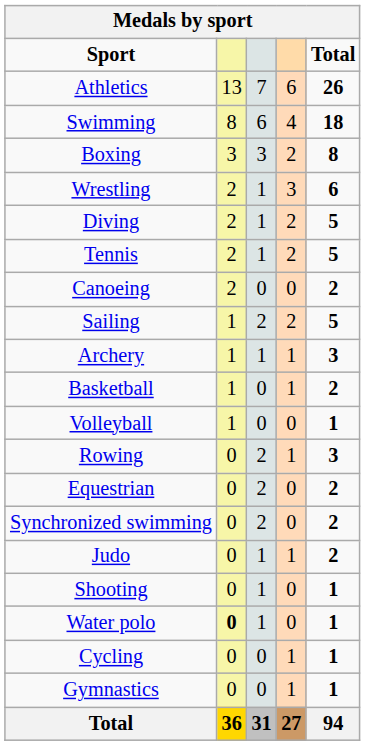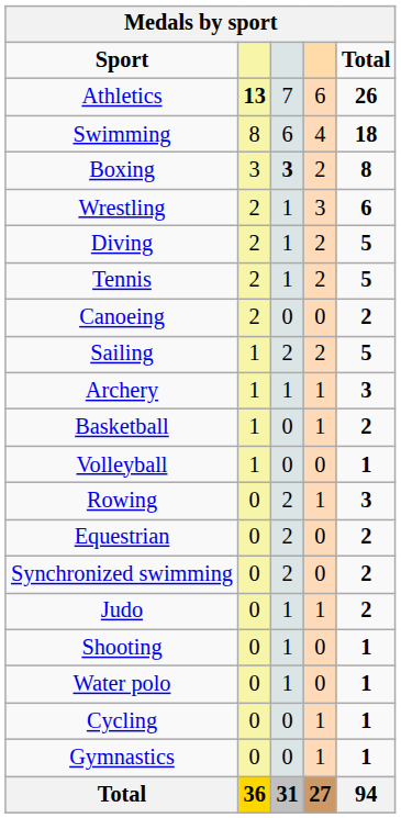 <table class=wikitable style="font-size:85%; float:right;text-align:center">
 <tr bgcolor=EFEFEF>
 <th colspan=7>Medals by sport</th>
 </tr>
 <tr>
 <td><strong>Sport</strong></td>
 <td bgcolor=F7F6A8></td>
 <td bgcolor=DCE5E5></td>
 <td bgcolor=FFDBA9></td>
 <td><strong>Total</strong></td>
 </tr>
 <tr>
 <td><a href='#'>Athletics</a></td>
-<td bgcolor=F7F6A8>13</td>
+<td bgcolor=F7F6A8><strong>13</strong></td>
 <td bgcolor=DCE5E5>7</td>
 <td bgcolor=FFDAB9>6</td>
 <td><strong>26</strong></td>
 </tr>
 <tr>
 <td><a href='#'>Swimming</a></td>
 <td bgcolor=F7F6A8>8</td>
 <td bgcolor=DCE5E5>6</td>
 <td bgcolor=FFDAB9>4</td>
 <td><strong>18</strong></td>
 </tr>
 <tr>
 <td><a href='#'>Boxing</a></td>
 <td bgcolor=F7F6A8>3</td>
-<td bgcolor=DCE5E5>3</td>
+<td bgcolor=DCE5E5><strong>3</strong></td>
 <td bgcolor=FFDAB9>2</td>
 <td><strong>8</strong></td>
 </tr>
 <tr>
 <td><a href='#'>Wrestling</a></td>
 <td bgcolor=F7F6A8>2</td>
 <td bgcolor=DCE5E5>1</td>
 <td bgcolor=FFDAB9>3</td>
 <td><strong>6</strong></td>
 </tr>
 <tr>
 <td><a href='#'>Diving</a></td>
 <td bgcolor=F7F6A8>2</td>
 <td bgcolor=DCE5E5>1</td>
 <td bgcolor=FFDAB9>2</td>
 <td><strong>5</strong></td>
 </tr>
 <tr>
 <td><a href='#'>Tennis</a></td>
 <td bgcolor=F7F6A8>2</td>
 <td bgcolor=DCE5E5>1</td>
 <td bgcolor=FFDAB9>2</td>
 <td><strong>5</strong></td>
 </tr>
 <tr>
 <td><a href='#'>Canoeing</a></td>
 <td bgcolor=F7F6A8>2</td>
 <td bgcolor=DCE5E5>0</td>
 <td bgcolor=FFDAB9>0</td>
 <td><strong>2</strong></td>
 </tr>
 <tr>
 <td><a href='#'>Sailing</a></td>
 <td bgcolor=F7F6A8>1</td>
 <td bgcolor=DCE5E5>2</td>
 <td bgcolor=FFDAB9>2</td>
 <td><strong>5</strong></td>
 </tr>
 <tr>
 <td><a href='#'>Archery</a></td>
 <td bgcolor=F7F6A8>1</td>
 <td bgcolor=DCE5E5>1</td>
 <td bgcolor=FFDAB9>1</td>
 <td><strong>3</strong></td>
 </tr>
 <tr>
 <td><a href='#'>Basketball</a></td>
 <td bgcolor=F7F6A8>1</td>
 <td bgcolor=DCE5E5>0</td>
 <td bgcolor=FFDAB9>1</td>
 <td><strong>2</strong></td>
 </tr>
 <tr>
 <td><a href='#'>Volleyball</a></td>
 <td bgcolor=F7F6A8>1</td>
 <td bgcolor=DCE5E5>0</td>
 <td bgcolor=FFDAB9>0</td>
 <td><strong>1</strong></td>
 </tr>
 <tr>
 <td><a href='#'>Rowing</a></td>
 <td bgcolor=F7F6A8>0</td>
 <td bgcolor=DCE5E5>2</td>
 <td bgcolor=FFDAB9>1</td>
 <td><strong>3</strong></td>
 </tr>
 <tr>
 <td><a href='#'>Equestrian</a></td>
 <td bgcolor=F7F6A8>0</td>
 <td bgcolor=DCE5E5>2</td>
 <td bgcolor=FFDAB9>0</td>
 <td><strong>2</strong></td>
 </tr>
 <tr>
 <td><a href='#'>Synchronized swimming</a></td>
 <td bgcolor=F7F6A8>0</td>
 <td bgcolor=DCE5E5>2</td>
 <td bgcolor=FFDAB9>0</td>
 <td><strong>2</strong></td>
 </tr>
 <tr>
 <td><a href='#'>Judo</a></td>
 <td bgcolor=F7F6A8>0</td>
 <td bgcolor=DCE5E5>1</td>
 <td bgcolor=FFDAB9>1</td>
 <td><strong>2</strong></td>
 </tr>
 <tr>
 <td><a href='#'>Shooting</a></td>
 <td bgcolor=F7F6A8>0</td>
 <td bgcolor=DCE5E5>1</td>
 <td bgcolor=FFDAB9>0</td>
 <td><strong>1</strong></td>
 </tr>
 <tr>
 <td><a href='#'>Water polo</a></td>
-<td bgcolor=F7F6A8><strong>0</strong></td>
+<td bgcolor=F7F6A8>0</td>
 <td bgcolor=DCE5E5>1</td>
 <td bgcolor=FFDAB9>0</td>
 <td><strong>1</strong></td>
 </tr>
 <tr>
 <td><a href='#'>Cycling</a></td>
 <td bgcolor=F7F6A8>0</td>
 <td bgcolor=DCE5E5>0</td>
 <td bgcolor=FFDAB9>1</td>
 <td><strong>1</strong></td>
 </tr>
 <tr>
 <td><a href='#'>Gymnastics</a></td>
 <td bgcolor=F7F6A8>0</td>
 <td bgcolor=DCE5E5>0</td>
 <td bgcolor=FFDAB9>1</td>
 <td><strong>1</strong></td>
 </tr>
 <tr>
 <th>Total</th>
 <th style=background:gold>36</th>
 <th style=background:silver>31</th>
 <th style=background:#C96>27</th>
 <th>94</th>
 </tr>
 </table>
